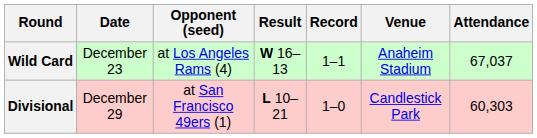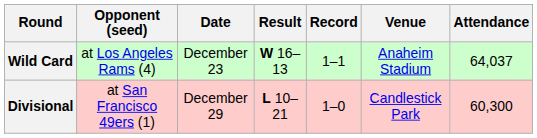 <table class="wikitable" style="text-align:center">
 <tr>
 <th>Round</th>
+<th>Opponent (seed)</th>
 <th>Date</th>
-<th>Opponent (seed)</th>
 <th>Result</th>
 <th>Record</th>
 <th>Venue</th>
 <th>Attendance</th>
 </tr>
 <tr style="background:#cfc">
 <th>Wild Card</th>
+<td>at <a href='#'>Los Angeles Rams</a> (4)</td>
 <td>December 23</td>
-<td>at <a href='#'>Los Angeles Rams</a> (4)</td>
 <td><strong>W</strong> 16–13</td>
 <td>1–1</td>
 <td><a href='#'>Anaheim Stadium</a></td>
-<td>67,037</td>
+<td>64,037</td>
 </tr>
 <tr style="background:#fcc">
 <th>Divisional</th>
+<td>at <a href='#'>San Francisco 49ers</a> (1)</td>
 <td>December 29</td>
-<td>at <a href='#'>San Francisco 49ers</a> (1)</td>
 <td><strong>L</strong> 10–21</td>
 <td>1–0</td>
 <td><a href='#'>Candlestick Park</a></td>
-<td>60,303</td>
+<td>60,300</td>
 </tr>
 </table>
